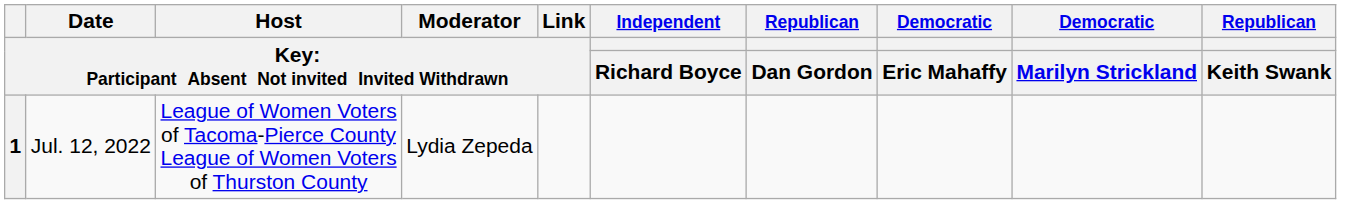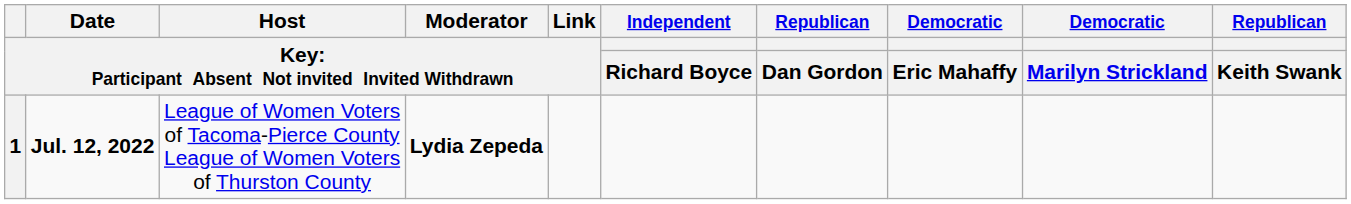 <table class="wikitable" style="text-align:center;">
 <tr>
 <th scope="col"></th>
 <th scope="col">Date</th>
 <th scope="col">Host</th>
 <th scope="col">Moderator</th>
 <th scope="col">Link</th>
 <th scope="col"><small><a href='#'>Independent</a></small></th>
 <th scope="col"><small><a href='#'>Republican</a></small></th>
 <th scope="col"><small><a href='#'>Democratic</a></small></th>
 <th scope="col"><small><a href='#'>Democratic</a></small></th>
 <th scope="col"><small><a href='#'>Republican</a></small></th>
 </tr>
 <tr>
 <th colspan="5" rowspan="2">Key:<br> <small>Participant </small>  <small>Absent </small>  <small>Not invited </small>  <small>Invited  Withdrawn</small></th>
 <th scope="col" style="background:"></th>
 <th scope="col" style="background:"></th>
 <th scope="col" style="background:"></th>
 <th scope="col" style="background:"></th>
 <th scope="col" style="background:"></th>
 </tr>
 <tr>
 <th scope="col">Richard Boyce</th>
 <th scope="col">Dan Gordon</th>
 <th scope="col">Eric Mahaffy</th>
 <th scope="col"><a href='#'>Marilyn Strickland</a></th>
 <th scope="col">Keith Swank</th>
 </tr>
 <tr>
 <th>1</th>
-<td style="white-space:nowrap;">Jul. 12, 2022</td>
+<td style="white-space:nowrap;"><strong>Jul. 12, 2022</strong></td>
 <td style="white-space:nowrap;"><a href='#'>League of Women Voters</a><br>of <a href='#'>Tacoma</a>-<a href='#'>Pierce County</a><br><a href='#'>League of Women Voters</a><br>of <a href='#'>Thurston County</a></td>
-<td style="white-space:nowrap;">Lydia Zepeda</td>
+<td style="white-space:nowrap;"><strong>Lydia Zepeda</strong></td>
 <td style="white-space:nowrap;"></td>
 <td></td>
 <td></td>
 <td></td>
 <td></td>
 <td></td>
 </tr>
 </table>
